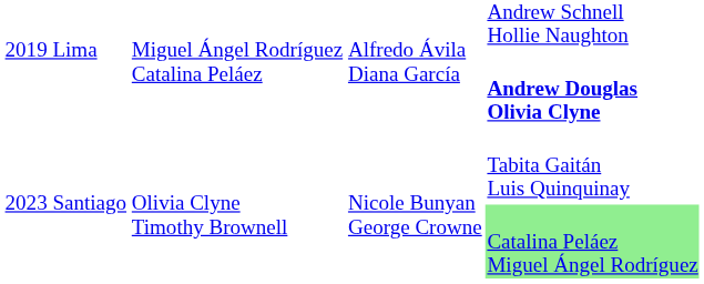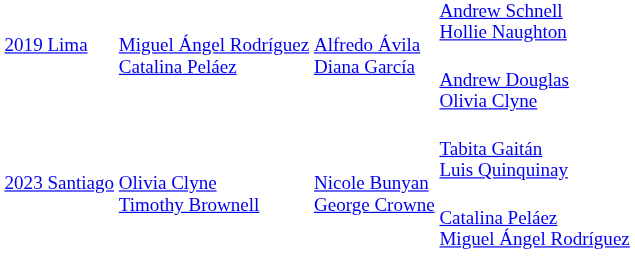 <table>
 <tr>
 <td rowspan=2><a href='#'>2019 Lima</a><br></td>
 <td rowspan=2><br><a href='#'>Miguel Ángel Rodríguez</a><br><a href='#'>Catalina Peláez</a></td>
 <td rowspan=2><br><a href='#'>Alfredo Ávila</a><br><a href='#'>Diana García</a></td>
 <td><br><a href='#'>Andrew Schnell</a><br><a href='#'>Hollie Naughton</a></td>
 </tr>
 <tr>
-<td><strong><br><a href='#'>Andrew Douglas</a><br><a href='#'>Olivia Clyne</a></strong></td>
+<td><br><a href='#'>Andrew Douglas</a><br><a href='#'>Olivia Clyne</a></td>
 </tr>
 <tr>
 <td rowspan=2><a href='#'>2023 Santiago</a><br></td>
 <td rowspan=2><br><a href='#'>Olivia Clyne</a><br><a href='#'>Timothy Brownell</a></td>
 <td rowspan=2><br><a href='#'>Nicole Bunyan</a><br><a href='#'>George Crowne</a></td>
 <td><br><a href='#'>Tabita Gaitán</a><br><a href='#'>Luis Quinquinay</a></td>
 </tr>
 <tr>
-<td style="background: lightgreen;"><br><a href='#'>Catalina Peláez</a><br><a href='#'>Miguel Ángel Rodríguez</a></td>
+<td><br><a href='#'>Catalina Peláez</a><br><a href='#'>Miguel Ángel Rodríguez</a></td>
 </tr>
 </table>
